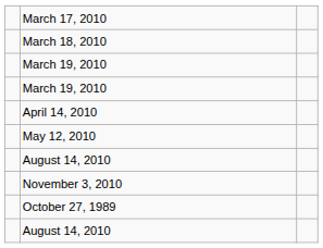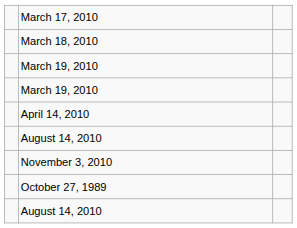 <table class="wikitable" style="font-size: 89%; float: left; width: 26em; margin-right: 1em; height: 280px;">
 <tr>
 <td></td>
 <td>March 17, 2010</td>
 <td> </td>
 </tr>
 <tr>
 <td></td>
 <td>March 18, 2010</td>
 <td> </td>
 </tr>
 <tr>
 <td></td>
 <td>March 19, 2010</td>
 <td> </td>
 </tr>
 <tr>
 <td></td>
 <td>March 19, 2010</td>
 <td> </td>
 </tr>
 <tr>
 <td></td>
 <td>April 14, 2010</td>
 <td> </td>
 </tr>
 <tr>
 <td></td>
-<td>May 12, 2010</td>
-<td> </td>
-</tr>
-<tr>
-<td></td>
 <td>August 14, 2010</td>
 <td> </td>
 </tr>
 <tr>
 <td></td>
 <td>November 3, 2010</td>
 <td> </td>
 </tr>
 <tr>
 <td></td>
 <td>October 27, 1989</td>
 <td> </td>
 </tr>
 <tr>
 <td></td>
 <td>August 14, 2010</td>
 <td> </td>
 </tr>
 </table>
